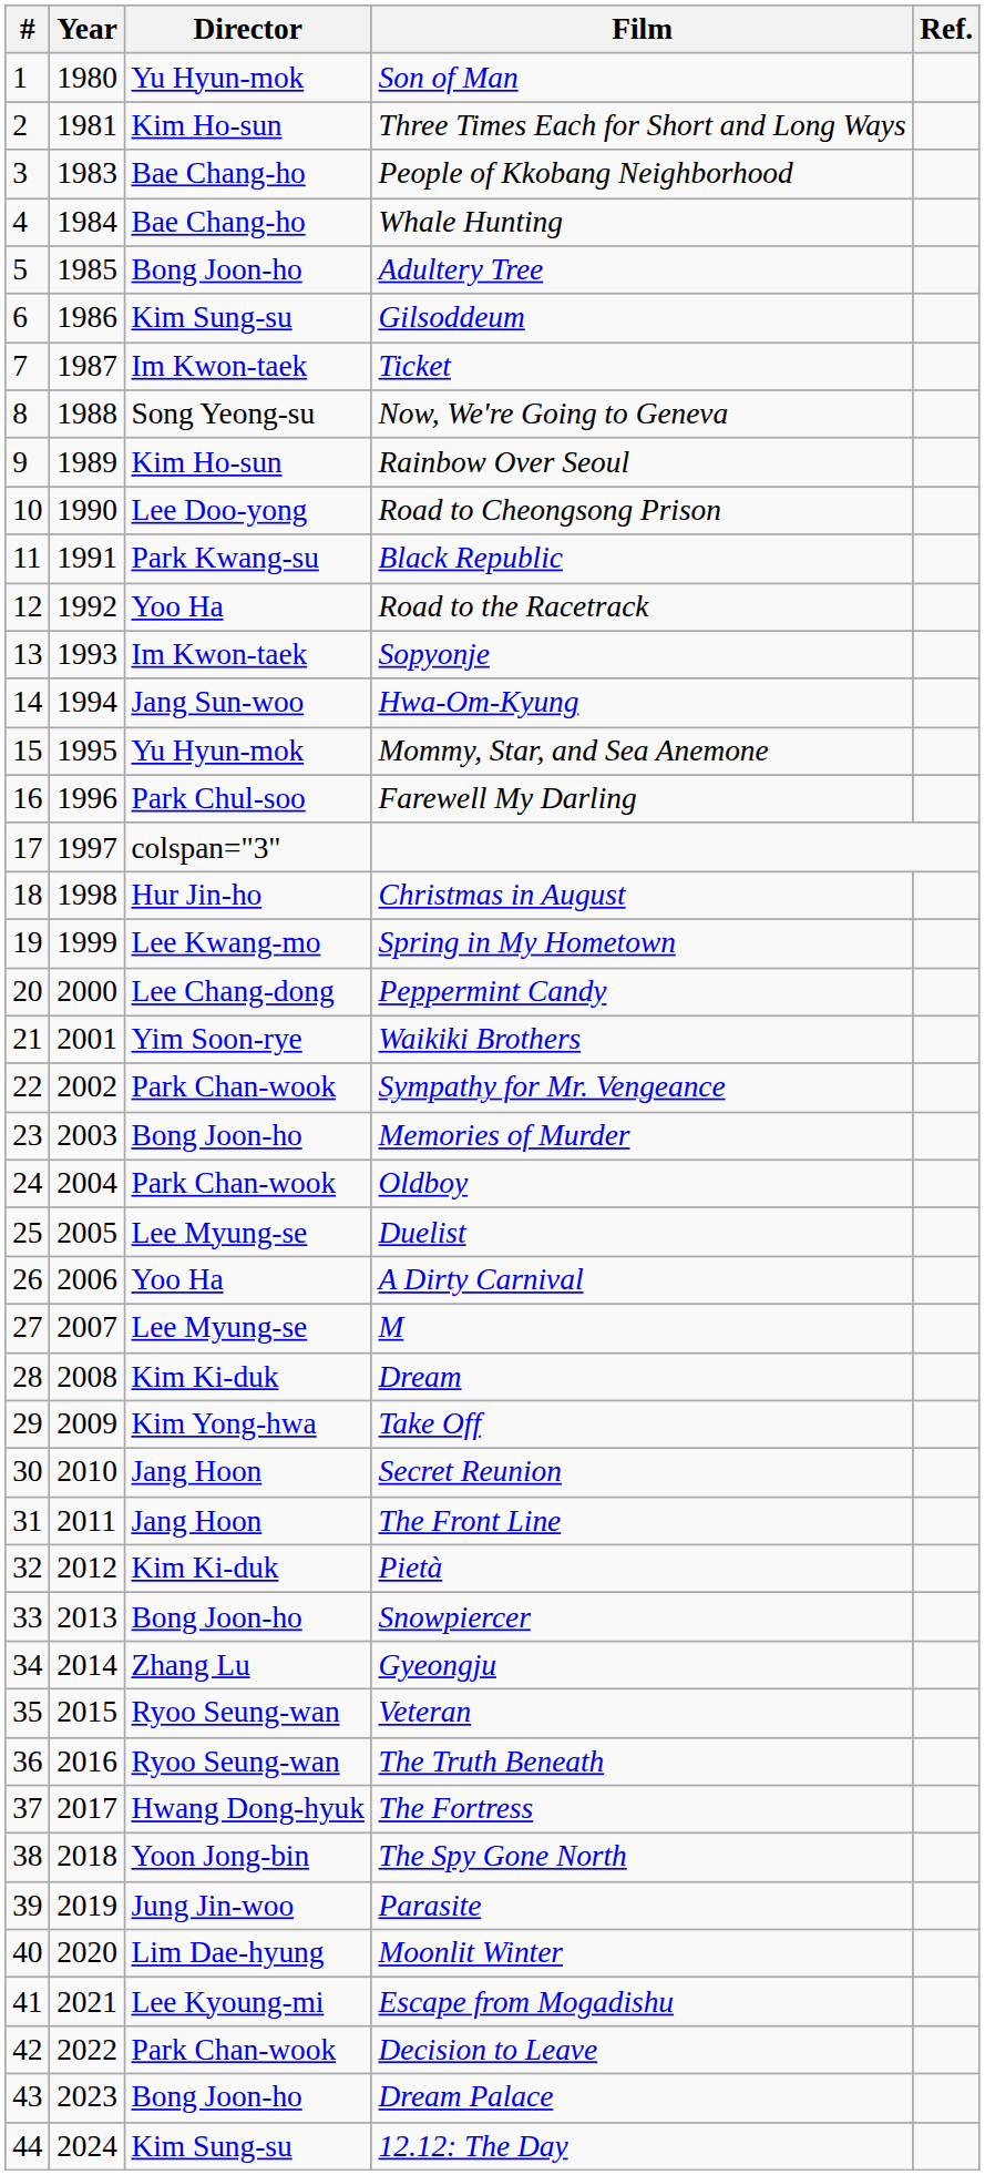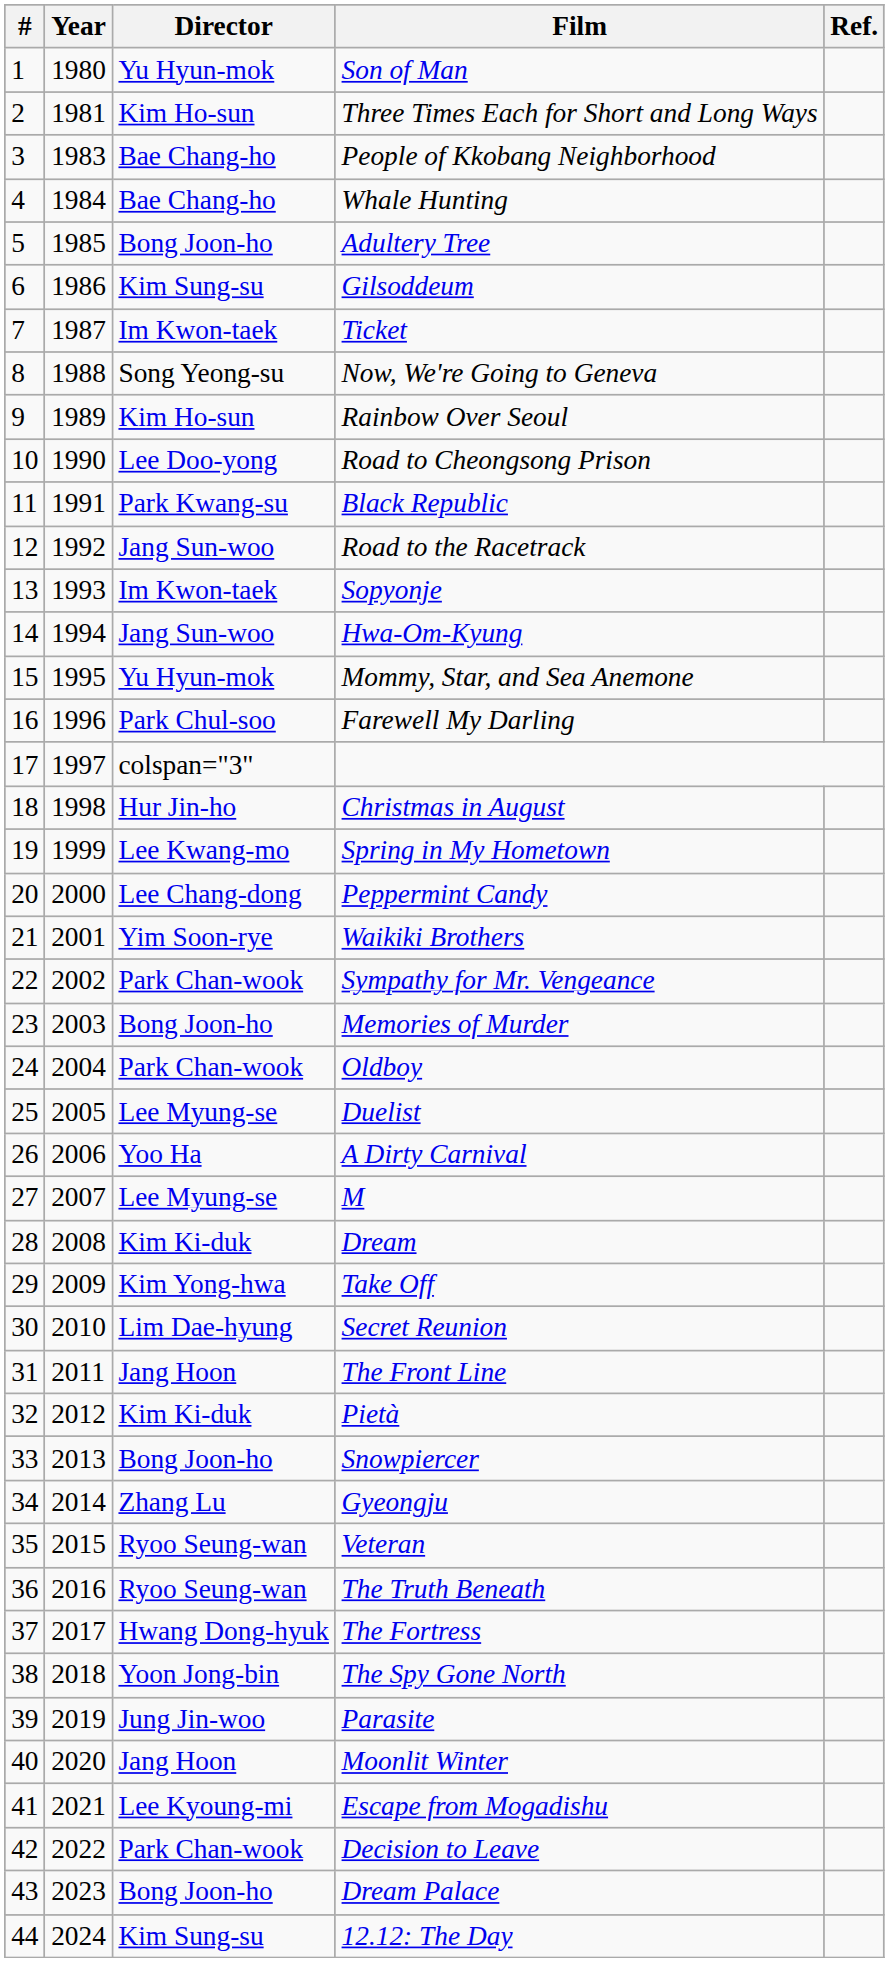 <table class="wikitable">
 <tr>
 <th>#</th>
 <th>Year</th>
 <th>Director</th>
 <th>Film</th>
 <th>Ref.</th>
 </tr>
 <tr>
 <td>1</td>
 <td>1980</td>
 <td><a href='#'>Yu Hyun-mok</a></td>
 <td><em><a href='#'>Son of Man</a></em></td>
 <td></td>
 </tr>
 <tr>
 <td>2</td>
 <td>1981</td>
 <td><a href='#'>Kim Ho-sun</a></td>
 <td><em>Three Times Each for Short and Long Ways</em></td>
 <td></td>
 </tr>
 <tr>
 <td>3</td>
 <td>1983</td>
 <td><a href='#'>Bae Chang-ho</a></td>
 <td><em>People of Kkobang Neighborhood</em></td>
 <td></td>
 </tr>
 <tr>
 <td>4</td>
 <td>1984</td>
 <td><a href='#'>Bae Chang-ho</a></td>
 <td><em>Whale Hunting</em></td>
 <td></td>
 </tr>
 <tr>
 <td>5</td>
 <td>1985</td>
 <td><a href='#'>Bong Joon-ho</a></td>
 <td><em><a href='#'>Adultery Tree</a></em></td>
 <td></td>
 </tr>
 <tr>
 <td>6</td>
 <td>1986</td>
 <td><a href='#'>Kim Sung-su</a></td>
 <td><em><a href='#'>Gilsoddeum</a></em></td>
 <td></td>
 </tr>
 <tr>
 <td>7</td>
 <td>1987</td>
 <td><a href='#'>Im Kwon-taek</a></td>
 <td><em><a href='#'>Ticket</a></em></td>
 <td></td>
 </tr>
 <tr>
 <td>8</td>
 <td>1988</td>
 <td>Song Yeong-su</td>
 <td><em>Now, We're Going to Geneva</em></td>
 <td></td>
 </tr>
 <tr>
 <td>9</td>
 <td>1989</td>
 <td><a href='#'>Kim Ho-sun</a></td>
 <td><em>Rainbow Over Seoul</em></td>
 <td></td>
 </tr>
 <tr>
 <td>10</td>
 <td>1990</td>
 <td><a href='#'>Lee Doo-yong</a></td>
 <td><em>Road to Cheongsong Prison</em></td>
 <td></td>
 </tr>
 <tr>
 <td>11</td>
 <td>1991</td>
 <td><a href='#'>Park Kwang-su</a></td>
 <td><em><a href='#'>Black Republic</a></em></td>
 <td></td>
 </tr>
 <tr>
 <td>12</td>
 <td>1992</td>
-<td><a href='#'>Yoo Ha</a></td>
+<td><a href='#'>Jang Sun-woo</a></td>
 <td><em>Road to the Racetrack</em></td>
 <td></td>
 </tr>
 <tr>
 <td>13</td>
 <td>1993</td>
 <td><a href='#'>Im Kwon-taek</a></td>
 <td><em><a href='#'>Sopyonje</a></em></td>
 <td></td>
 </tr>
 <tr>
 <td>14</td>
 <td>1994</td>
 <td><a href='#'>Jang Sun-woo</a></td>
 <td><em><a href='#'>Hwa-Om-Kyung</a></em></td>
 <td></td>
 </tr>
 <tr>
 <td>15</td>
 <td>1995</td>
 <td><a href='#'>Yu Hyun-mok</a></td>
 <td><em>Mommy, Star, and Sea Anemone</em></td>
 <td></td>
 </tr>
 <tr>
 <td>16</td>
 <td>1996</td>
 <td><a href='#'>Park Chul-soo</a></td>
 <td><em>Farewell My Darling</em></td>
 <td></td>
 </tr>
 <tr>
 <td>17</td>
 <td>1997</td>
 <td>colspan="3" </td>
 </tr>
 <tr>
 <td>18</td>
 <td>1998</td>
 <td><a href='#'>Hur Jin-ho</a></td>
 <td><em><a href='#'>Christmas in August</a></em></td>
 <td></td>
 </tr>
 <tr>
 <td>19</td>
 <td>1999</td>
 <td><a href='#'>Lee Kwang-mo</a></td>
 <td><em><a href='#'>Spring in My Hometown</a></em></td>
 <td></td>
 </tr>
 <tr>
 <td>20</td>
 <td>2000</td>
 <td><a href='#'>Lee Chang-dong</a></td>
 <td><em><a href='#'>Peppermint Candy</a></em></td>
 <td></td>
 </tr>
 <tr>
 <td>21</td>
 <td>2001</td>
 <td><a href='#'>Yim Soon-rye</a></td>
 <td><em><a href='#'>Waikiki Brothers</a></em></td>
 <td></td>
 </tr>
 <tr>
 <td>22</td>
 <td>2002</td>
 <td><a href='#'>Park Chan-wook</a></td>
 <td><em><a href='#'>Sympathy for Mr. Vengeance</a></em></td>
 <td></td>
 </tr>
 <tr>
 <td>23</td>
 <td>2003</td>
 <td><a href='#'>Bong Joon-ho</a></td>
 <td><em><a href='#'>Memories of Murder</a></em></td>
 <td></td>
 </tr>
 <tr>
 <td>24</td>
 <td>2004</td>
 <td><a href='#'>Park Chan-wook</a></td>
 <td><em><a href='#'>Oldboy</a></em></td>
 <td></td>
 </tr>
 <tr>
 <td>25</td>
 <td>2005</td>
 <td><a href='#'>Lee Myung-se</a></td>
 <td><em><a href='#'>Duelist</a></em></td>
 <td></td>
 </tr>
 <tr>
 <td>26</td>
 <td>2006</td>
 <td><a href='#'>Yoo Ha</a></td>
 <td><em><a href='#'>A Dirty Carnival</a></em></td>
 <td></td>
 </tr>
 <tr>
 <td>27</td>
 <td>2007</td>
 <td><a href='#'>Lee Myung-se</a></td>
 <td><em><a href='#'>M</a></em></td>
 <td></td>
 </tr>
 <tr>
 <td>28</td>
 <td>2008</td>
 <td><a href='#'>Kim Ki-duk</a></td>
 <td><em><a href='#'>Dream</a></em></td>
 <td></td>
 </tr>
 <tr>
 <td>29</td>
 <td>2009</td>
 <td><a href='#'>Kim Yong-hwa</a></td>
 <td><em><a href='#'>Take Off</a></em></td>
 <td></td>
 </tr>
 <tr>
 <td>30</td>
 <td>2010</td>
-<td><a href='#'>Jang Hoon</a></td>
+<td><a href='#'>Lim Dae-hyung</a></td>
 <td><em><a href='#'>Secret Reunion</a></em></td>
 <td></td>
 </tr>
 <tr>
 <td>31</td>
 <td>2011</td>
 <td><a href='#'>Jang Hoon</a></td>
 <td><em><a href='#'>The Front Line</a></em></td>
 <td></td>
 </tr>
 <tr>
 <td>32</td>
 <td>2012</td>
 <td><a href='#'>Kim Ki-duk</a></td>
 <td><em><a href='#'>Pietà</a></em></td>
 <td></td>
 </tr>
 <tr>
 <td>33</td>
 <td>2013</td>
 <td><a href='#'>Bong Joon-ho</a></td>
 <td><em><a href='#'>Snowpiercer</a></em></td>
 <td></td>
 </tr>
 <tr>
 <td>34</td>
 <td>2014</td>
 <td><a href='#'>Zhang Lu</a></td>
 <td><em><a href='#'>Gyeongju</a></em></td>
 <td></td>
 </tr>
 <tr>
 <td>35</td>
 <td>2015</td>
 <td><a href='#'>Ryoo Seung-wan</a></td>
 <td><em><a href='#'>Veteran</a></em></td>
 <td></td>
 </tr>
 <tr>
 <td>36</td>
 <td>2016</td>
 <td><a href='#'>Ryoo Seung-wan</a></td>
 <td><em><a href='#'>The Truth Beneath</a></em></td>
 <td></td>
 </tr>
 <tr>
 <td>37</td>
 <td>2017</td>
 <td><a href='#'>Hwang Dong-hyuk</a></td>
 <td><em><a href='#'>The Fortress</a></em></td>
 <td></td>
 </tr>
 <tr>
 <td>38</td>
 <td>2018</td>
 <td><a href='#'>Yoon Jong-bin</a></td>
 <td><em><a href='#'>The Spy Gone North</a></em></td>
 <td></td>
 </tr>
 <tr>
 <td>39</td>
 <td>2019</td>
 <td><a href='#'>Jung Jin-woo</a></td>
 <td><em><a href='#'>Parasite</a></em></td>
 <td></td>
 </tr>
 <tr>
 <td>40</td>
 <td>2020</td>
-<td><a href='#'>Lim Dae-hyung</a></td>
+<td><a href='#'>Jang Hoon</a></td>
 <td><em><a href='#'>Moonlit Winter</a></em></td>
 <td></td>
 </tr>
 <tr>
 <td>41</td>
 <td>2021</td>
 <td><a href='#'>Lee Kyoung-mi</a></td>
 <td><em><a href='#'>Escape from Mogadishu</a></em></td>
 <td></td>
 </tr>
 <tr>
 <td>42</td>
 <td>2022</td>
 <td><a href='#'>Park Chan-wook</a></td>
 <td><em><a href='#'>Decision to Leave</a></em></td>
 <td></td>
 </tr>
 <tr>
 <td>43</td>
 <td>2023</td>
 <td><a href='#'>Bong Joon-ho</a></td>
 <td><em><a href='#'>Dream Palace</a></em></td>
 <td></td>
 </tr>
 <tr>
 <td>44</td>
 <td>2024</td>
 <td><a href='#'>Kim Sung-su</a></td>
 <td><em><a href='#'>12.12: The Day</a></em></td>
 <td></td>
 </tr>
 <tr>
 </tr>
 </table>
